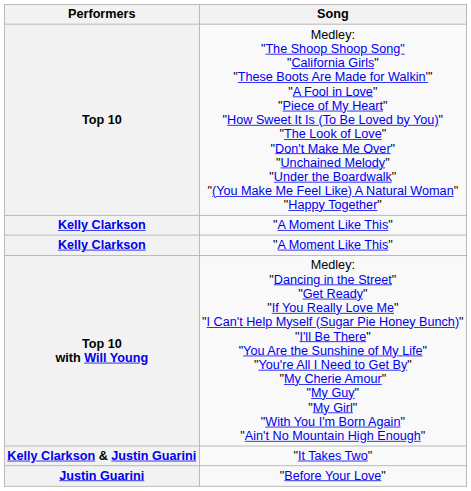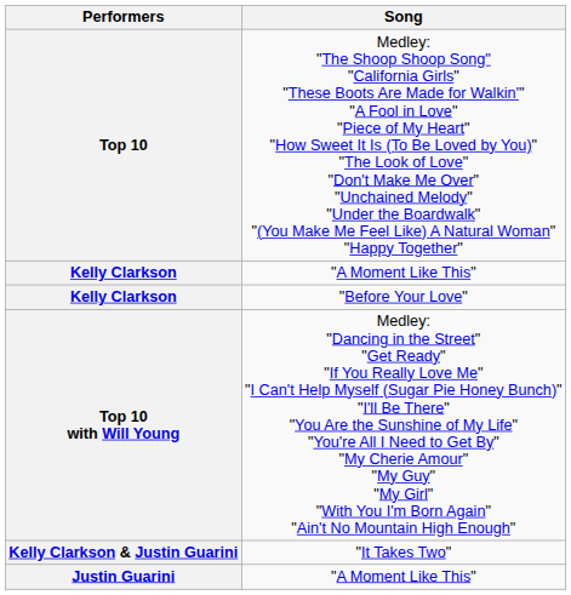 <table class="wikitable unsortable" style="text-align:center;">
 <tr>
 <th scope="col">Performers</th>
 <th scope="col">Song</th>
 </tr>
 <tr>
 <th scope="row">Top 10</th>
 <td>Medley:<br>"<a href='#'>The Shoop Shoop Song"</a><br>"<a href='#'>California Girls</a>"<br>"<a href='#'>These Boots Are Made for Walkin'</a>"<br>"<a href='#'>A Fool in Love</a>"<br>"<a href='#'>Piece of My Heart</a>"<br>"<a href='#'>How Sweet It Is (To Be Loved by You)</a>"<br>"<a href='#'>The Look of Love</a>"<br>"<a href='#'>Don't Make Me Over</a>"<br>"<a href='#'>Unchained Melody</a>"<br>"<a href='#'>Under the Boardwalk</a>"<br>"<a href='#'>(You Make Me Feel Like) A Natural Woman</a>"<br>"<a href='#'>Happy Together</a>"</td>
 </tr>
 <tr>
 <th scope="row"><a href='#'>Kelly Clarkson</a></th>
 <td>"<a href='#'>A Moment Like This</a>"</td>
 </tr>
 <tr>
 <th><a href='#'>Kelly Clarkson</a></th>
-<td>"<a href='#'>A Moment Like This</a>"</td>
+<td>"<a href='#'>Before Your Love</a>"</td>
 </tr>
 <tr>
 <th scope="row">Top 10<br>with <a href='#'>Will Young</a></th>
 <td>Medley:<br>"<a href='#'>Dancing in the Street</a>"<br>"<a href='#'>Get Ready</a>"<br>"<a href='#'>If You Really Love Me</a>"<br>"<a href='#'>I Can't Help Myself (Sugar Pie Honey Bunch)</a>"<br>"<a href='#'>I'll Be There</a>"<br>"<a href='#'>You Are the Sunshine of My Life</a>"<br>"<a href='#'>You're All I Need to Get By</a>"<br>"<a href='#'>My Cherie Amour</a>"<br>"<a href='#'>My Guy</a>"<br>"<a href='#'>My Girl</a>"<br>"<a href='#'>With You I'm Born Again</a>"<br>"<a href='#'>Ain't No Mountain High Enough</a>"</td>
 </tr>
 <tr>
 <th scope="row"><a href='#'>Kelly Clarkson</a> & <a href='#'>Justin Guarini</a></th>
 <td>"<a href='#'>It Takes Two</a>"</td>
 </tr>
 <tr>
 <th><a href='#'>Justin Guarini</a></th>
-<td>"<a href='#'>Before Your Love</a>"</td>
+<td>"<a href='#'>A Moment Like This</a>"</td>
 </tr>
 </table>
